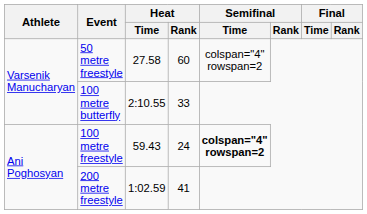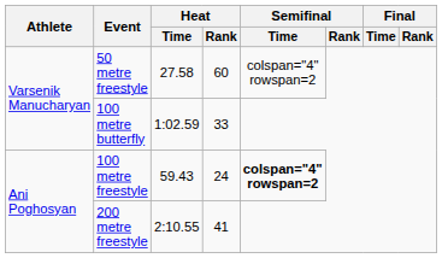 <table class="wikitable" style="text-align:center; font-size:90%; width:50%;">
 <tr>
 <th rowspan="2">Athlete</th>
 <th rowspan="2">Event</th>
 <th colspan="2">Heat</th>
 <th colspan="2">Semifinal</th>
 <th colspan="2">Final</th>
 </tr>
 <tr style="font-size:95%">
 <th>Time</th>
 <th>Rank</th>
 <th>Time</th>
 <th>Rank</th>
 <th>Time</th>
 <th>Rank</th>
 </tr>
 <tr>
 <td align=left rowspan=2><a href='#'>Varsenik Manucharyan</a></td>
 <td align=left><a href='#'>50 metre freestyle</a></td>
 <td>27.58</td>
 <td>60</td>
 <td>colspan="4" rowspan=2 </td>
 </tr>
 <tr>
 <td align=left><a href='#'>100 metre butterfly</a></td>
-<td>2:10.55</td>
+<td>1:02.59</td>
 <td>33</td>
 </tr>
 <tr>
 <td align=left rowspan=2><a href='#'>Ani Poghosyan</a></td>
 <td align=left><a href='#'>100 metre freestyle</a></td>
 <td>59.43</td>
 <td>24</td>
 <td><strong>colspan="4" rowspan=2 </strong></td>
 </tr>
 <tr>
 <td align=left><a href='#'>200 metre freestyle</a></td>
-<td>1:02.59</td>
+<td>2:10.55</td>
 <td>41</td>
 </tr>
 </table>
